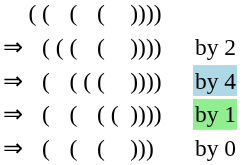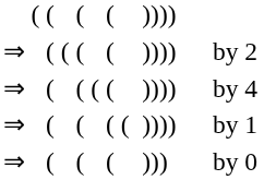 <table>
 <tr>
 <td></td>
 <td>(</td>
 <td>(</td>
 <td></td>
 <td>(</td>
 <td></td>
 <td>(</td>
 <td></td>
 <td></td>
 <td>))))</td>
 </tr>
 <tr>
 <td>⇒</td>
 <td></td>
 <td>(</td>
 <td>(</td>
 <td>(</td>
 <td></td>
 <td>(</td>
 <td></td>
 <td></td>
 <td>))))</td>
 <td>by 2</td>
 </tr>
 <tr>
 <td>⇒</td>
 <td></td>
 <td>(</td>
 <td></td>
 <td>(</td>
 <td>(</td>
 <td>(</td>
 <td></td>
 <td></td>
 <td>))))</td>
-<td style="background: lightblue;">by 4</td>
+<td>by 4</td>
 </tr>
 <tr>
 <td>⇒</td>
 <td></td>
 <td>(</td>
 <td></td>
 <td>(</td>
 <td></td>
 <td>(</td>
 <td>(</td>
 <td></td>
 <td>))))</td>
-<td style="background: lightgreen;">by 1</td>
+<td>by 1</td>
 </tr>
 <tr>
 <td>⇒</td>
 <td></td>
 <td>(</td>
 <td></td>
 <td>(</td>
 <td></td>
 <td>(</td>
 <td></td>
 <td></td>
 <td>)))      </td>
 <td>by 0</td>
 </tr>
 </table>
